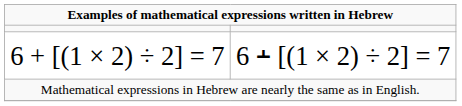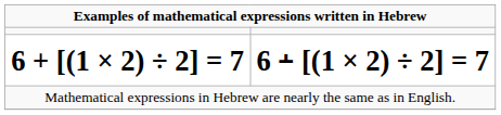 <table class="wikitable">
 <tr>
 <td colspan=2 style="text-align:center;"><strong>Examples of mathematical expressions written in Hebrew</strong></td>
 </tr>
 <tr>
 <td></td>
 <td></td>
 </tr>
 <tr style="font-size:200%;background:white;height:1.8em">
-<td>6 + [(1 × 2) ÷ 2] = 7</td>
-<td>6 ﬩ [(1 × 2) ÷ 2] = 7</td>
+<td><strong>6 + [(1 × 2) ÷ 2] = 7</strong></td>
+<td><strong>6 ﬩ [(1 × 2) ÷ 2] = 7</strong></td>
 </tr>
 <tr>
 <td colspan=2 style="text-align:center;">Mathematical expressions in Hebrew are nearly the same as in English.</td>
 </tr>
 <tr>
 </tr>
 </table>
